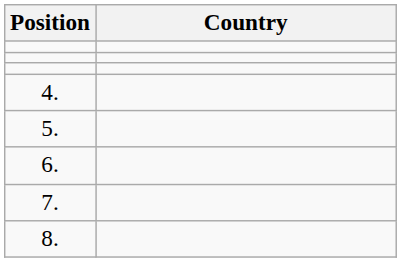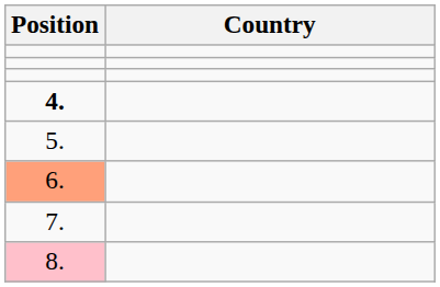 <table class="wikitable">
 <tr>
 <th width="20">Position</th>
 <th width="200">Country</th>
 </tr>
 <tr>
 <td align="center"></td>
 <td></td>
 </tr>
 <tr>
 <td align="center"></td>
 <td></td>
 </tr>
 <tr>
 <td align="center"></td>
 <td></td>
 </tr>
 <tr>
-<td align="center">4.</td>
+<td align="center"><strong>4.</strong></td>
 <td></td>
 </tr>
 <tr>
 <td align="center">5.</td>
 <td></td>
 </tr>
 <tr>
-<td align="center">6.</td>
+<td align="center" style="background: lightsalmon;">6.</td>
 <td></td>
 </tr>
 <tr>
 <td align="center">7.</td>
 <td></td>
 </tr>
 <tr>
-<td align="center">8.</td>
+<td align="center" style="background: pink;">8.</td>
 <td></td>
 </tr>
 </table>
